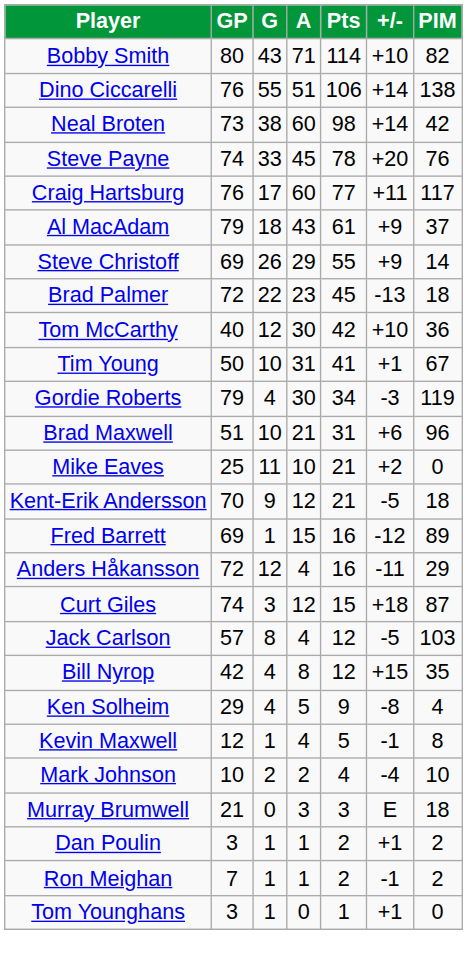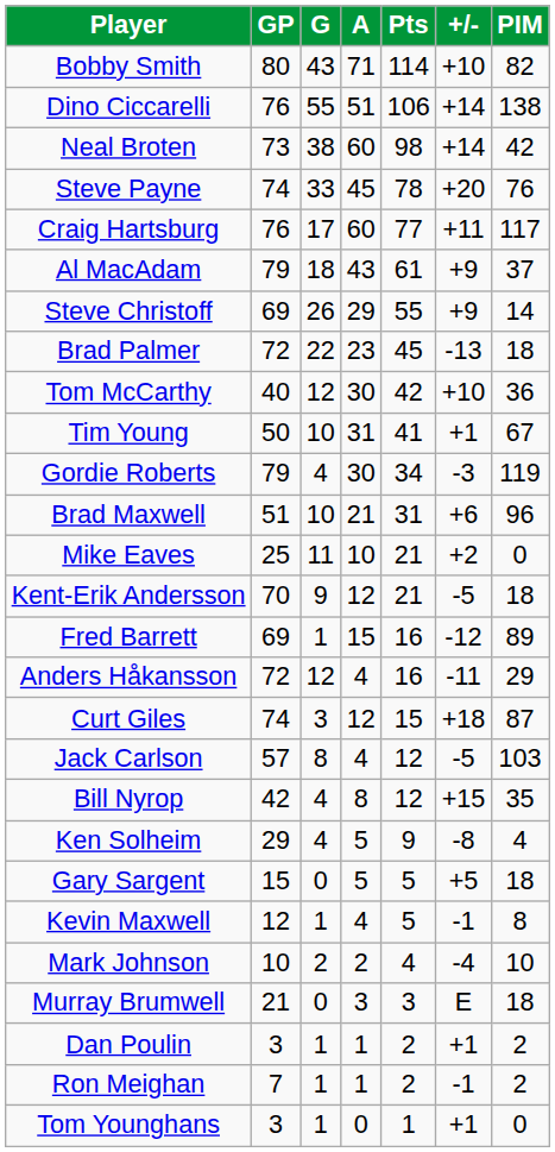 <table class="wikitable sortable">
 <tr>
 <th style="color:white; background:#009639; ">Player</th>
 <th style="color:white; background:#009639; ">GP</th>
 <th style="color:white; background:#009639; ">G</th>
 <th style="color:white; background:#009639; ">A</th>
 <th style="color:white; background:#009639; ">Pts</th>
 <th style="color:white; background:#009639; ">+/-</th>
 <th style="color:white; background:#009639; ">PIM</th>
 </tr>
 <tr align="center">
 <td><a href='#'>Bobby Smith</a></td>
 <td>80</td>
 <td>43</td>
 <td>71</td>
 <td>114</td>
 <td>+10</td>
 <td>82</td>
 </tr>
 <tr align="center">
 <td><a href='#'>Dino Ciccarelli</a></td>
 <td>76</td>
 <td>55</td>
 <td>51</td>
 <td>106</td>
 <td>+14</td>
 <td>138</td>
 </tr>
 <tr align="center">
 <td><a href='#'>Neal Broten</a></td>
 <td>73</td>
 <td>38</td>
 <td>60</td>
 <td>98</td>
 <td>+14</td>
 <td>42</td>
 </tr>
 <tr align="center">
 <td><a href='#'>Steve Payne</a></td>
 <td>74</td>
 <td>33</td>
 <td>45</td>
 <td>78</td>
 <td>+20</td>
 <td>76</td>
 </tr>
 <tr align="center">
 <td><a href='#'>Craig Hartsburg</a></td>
 <td>76</td>
 <td>17</td>
 <td>60</td>
 <td>77</td>
 <td>+11</td>
 <td>117</td>
 </tr>
 <tr align="center">
 <td><a href='#'>Al MacAdam</a></td>
 <td>79</td>
 <td>18</td>
 <td>43</td>
 <td>61</td>
 <td>+9</td>
 <td>37</td>
 </tr>
 <tr align="center">
 <td><a href='#'>Steve Christoff</a></td>
 <td>69</td>
 <td>26</td>
 <td>29</td>
 <td>55</td>
 <td>+9</td>
 <td>14</td>
 </tr>
 <tr align="center">
 <td><a href='#'>Brad Palmer</a></td>
 <td>72</td>
 <td>22</td>
 <td>23</td>
 <td>45</td>
 <td>-13</td>
 <td>18</td>
 </tr>
 <tr align="center">
 <td><a href='#'>Tom McCarthy</a></td>
 <td>40</td>
 <td>12</td>
 <td>30</td>
 <td>42</td>
 <td>+10</td>
 <td>36</td>
 </tr>
 <tr align="center">
 <td><a href='#'>Tim Young</a></td>
 <td>50</td>
 <td>10</td>
 <td>31</td>
 <td>41</td>
 <td>+1</td>
 <td>67</td>
 </tr>
 <tr align="center">
 <td><a href='#'>Gordie Roberts</a></td>
 <td>79</td>
 <td>4</td>
 <td>30</td>
 <td>34</td>
 <td>-3</td>
 <td>119</td>
 </tr>
 <tr align="center">
 <td><a href='#'>Brad Maxwell</a></td>
 <td>51</td>
 <td>10</td>
 <td>21</td>
 <td>31</td>
 <td>+6</td>
 <td>96</td>
 </tr>
 <tr align="center">
 <td><a href='#'>Mike Eaves</a></td>
 <td>25</td>
 <td>11</td>
 <td>10</td>
 <td>21</td>
 <td>+2</td>
 <td>0</td>
 </tr>
 <tr align="center">
 <td><a href='#'>Kent-Erik Andersson</a></td>
 <td>70</td>
 <td>9</td>
 <td>12</td>
 <td>21</td>
 <td>-5</td>
 <td>18</td>
 </tr>
 <tr align="center">
 <td><a href='#'>Fred Barrett</a></td>
 <td>69</td>
 <td>1</td>
 <td>15</td>
 <td>16</td>
 <td>-12</td>
 <td>89</td>
 </tr>
 <tr align="center">
 <td><a href='#'>Anders Håkansson</a></td>
 <td>72</td>
 <td>12</td>
 <td>4</td>
 <td>16</td>
 <td>-11</td>
 <td>29</td>
 </tr>
 <tr align="center">
 <td><a href='#'>Curt Giles</a></td>
 <td>74</td>
 <td>3</td>
 <td>12</td>
 <td>15</td>
 <td>+18</td>
 <td>87</td>
 </tr>
 <tr align="center">
 <td><a href='#'>Jack Carlson</a></td>
 <td>57</td>
 <td>8</td>
 <td>4</td>
 <td>12</td>
 <td>-5</td>
 <td>103</td>
 </tr>
 <tr align="center">
 <td><a href='#'>Bill Nyrop</a></td>
 <td>42</td>
 <td>4</td>
 <td>8</td>
 <td>12</td>
 <td>+15</td>
 <td>35</td>
 </tr>
 <tr align="center">
 <td><a href='#'>Ken Solheim</a></td>
 <td>29</td>
 <td>4</td>
 <td>5</td>
 <td>9</td>
 <td>-8</td>
 <td>4</td>
 </tr>
 <tr align="center">
+<td><a href='#'>Gary Sargent</a></td>
+<td>15</td>
+<td>0</td>
+<td>5</td>
+<td>5</td>
+<td>+5</td>
+<td>18</td>
+</tr>
+<tr align="center">
 <td><a href='#'>Kevin Maxwell</a></td>
 <td>12</td>
 <td>1</td>
 <td>4</td>
 <td>5</td>
 <td>-1</td>
 <td>8</td>
 </tr>
 <tr align="center">
 <td><a href='#'>Mark Johnson</a></td>
 <td>10</td>
 <td>2</td>
 <td>2</td>
 <td>4</td>
 <td>-4</td>
 <td>10</td>
 </tr>
 <tr align="center">
 <td><a href='#'>Murray Brumwell</a></td>
 <td>21</td>
 <td>0</td>
 <td>3</td>
 <td>3</td>
 <td>E</td>
 <td>18</td>
 </tr>
 <tr align="center">
 <td><a href='#'>Dan Poulin</a></td>
 <td>3</td>
 <td>1</td>
 <td>1</td>
 <td>2</td>
 <td>+1</td>
 <td>2</td>
 </tr>
 <tr align="center">
 <td><a href='#'>Ron Meighan</a></td>
 <td>7</td>
 <td>1</td>
 <td>1</td>
 <td>2</td>
 <td>-1</td>
 <td>2</td>
 </tr>
 <tr align="center">
 <td><a href='#'>Tom Younghans</a></td>
 <td>3</td>
 <td>1</td>
 <td>0</td>
 <td>1</td>
 <td>+1</td>
 <td>0</td>
 </tr>
 <tr align="center">
 </tr>
 </table>
